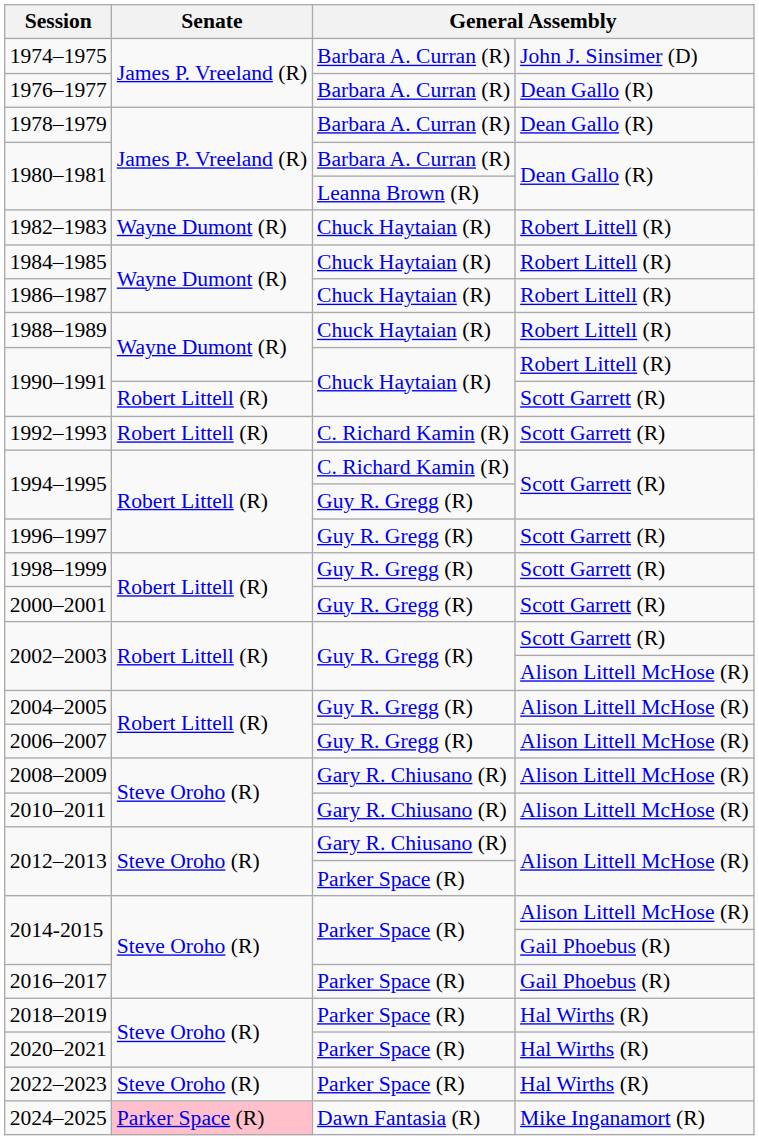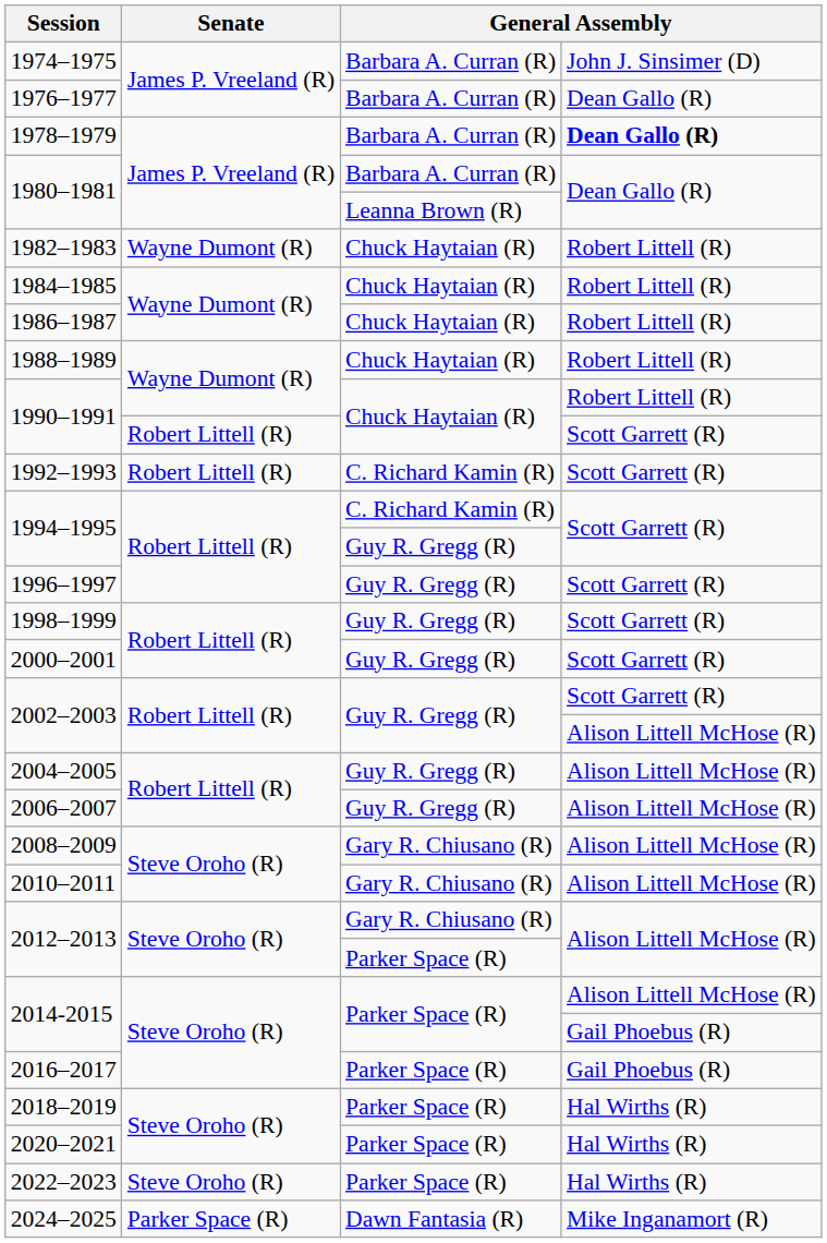 <table class="wikitable">
 <tr>
 <th>Session</th>
 <th>Senate</th>
 <th colspan=2>General Assembly</th>
 </tr>
 <tr>
 <td>1974–1975</td>
 <td rowspan=2 ><a href='#'>James P. Vreeland</a> (R)</td>
 <td><a href='#'>Barbara A. Curran</a> (R)</td>
 <td><a href='#'>John J. Sinsimer</a> (D)</td>
 </tr>
 <tr>
 <td>1976–1977</td>
 <td><a href='#'>Barbara A. Curran</a> (R)</td>
 <td><a href='#'>Dean Gallo</a> (R)</td>
 </tr>
 <tr>
 <td>1978–1979</td>
 <td rowspan=3 ><a href='#'>James P. Vreeland</a> (R)</td>
 <td><a href='#'>Barbara A. Curran</a> (R)</td>
-<td><a href='#'>Dean Gallo</a> (R)</td>
+<td><strong><a href='#'>Dean Gallo</a> (R)</strong></td>
 </tr>
 <tr>
 <td rowspan=2>1980–1981</td>
 <td><a href='#'>Barbara A. Curran</a> (R)</td>
 <td rowspan=2 ><a href='#'>Dean Gallo</a> (R)</td>
 </tr>
 <tr>
 <td><a href='#'>Leanna Brown</a> (R)</td>
 </tr>
 <tr>
 <td>1982–1983</td>
 <td><a href='#'>Wayne Dumont</a> (R)</td>
 <td><a href='#'>Chuck Haytaian</a> (R)</td>
 <td><a href='#'>Robert Littell</a> (R)</td>
 </tr>
 <tr>
 <td>1984–1985</td>
 <td rowspan=2 ><a href='#'>Wayne Dumont</a> (R)</td>
 <td><a href='#'>Chuck Haytaian</a> (R)</td>
 <td><a href='#'>Robert Littell</a> (R)</td>
 </tr>
 <tr>
 <td>1986–1987</td>
 <td><a href='#'>Chuck Haytaian</a> (R)</td>
 <td><a href='#'>Robert Littell</a> (R)</td>
 </tr>
 <tr>
 <td>1988–1989</td>
 <td rowspan=2 ><a href='#'>Wayne Dumont</a> (R)</td>
 <td><a href='#'>Chuck Haytaian</a> (R)</td>
 <td><a href='#'>Robert Littell</a> (R)</td>
 </tr>
 <tr>
 <td rowspan=2>1990–1991</td>
 <td rowspan=2 ><a href='#'>Chuck Haytaian</a> (R)</td>
 <td><a href='#'>Robert Littell</a> (R)</td>
 </tr>
 <tr>
 <td><a href='#'>Robert Littell</a> (R)</td>
 <td><a href='#'>Scott Garrett</a> (R)</td>
 </tr>
 <tr>
 <td>1992–1993</td>
 <td><a href='#'>Robert Littell</a> (R)</td>
 <td><a href='#'>C. Richard Kamin</a> (R)</td>
 <td><a href='#'>Scott Garrett</a> (R)</td>
 </tr>
 <tr>
 <td rowspan=2>1994–1995</td>
 <td rowspan=3 ><a href='#'>Robert Littell</a> (R)</td>
 <td><a href='#'>C. Richard Kamin</a> (R)</td>
 <td rowspan=2 ><a href='#'>Scott Garrett</a> (R)</td>
 </tr>
 <tr>
 <td><a href='#'>Guy R. Gregg</a> (R)</td>
 </tr>
 <tr>
 <td>1996–1997</td>
 <td><a href='#'>Guy R. Gregg</a> (R)</td>
 <td><a href='#'>Scott Garrett</a> (R)</td>
 </tr>
 <tr>
 <td>1998–1999</td>
 <td rowspan=2 ><a href='#'>Robert Littell</a> (R)</td>
 <td><a href='#'>Guy R. Gregg</a> (R)</td>
 <td><a href='#'>Scott Garrett</a> (R)</td>
 </tr>
 <tr>
 <td>2000–2001</td>
 <td><a href='#'>Guy R. Gregg</a> (R)</td>
 <td><a href='#'>Scott Garrett</a> (R)</td>
 </tr>
 <tr>
 <td rowspan=2>2002–2003</td>
 <td rowspan=2 ><a href='#'>Robert Littell</a> (R)</td>
 <td rowspan=2 ><a href='#'>Guy R. Gregg</a> (R)</td>
 <td><a href='#'>Scott Garrett</a> (R)</td>
 </tr>
 <tr>
 <td><a href='#'>Alison Littell McHose</a> (R)</td>
 </tr>
 <tr>
 <td>2004–2005</td>
 <td rowspan=2 ><a href='#'>Robert Littell</a> (R)</td>
 <td><a href='#'>Guy R. Gregg</a> (R)</td>
 <td><a href='#'>Alison Littell McHose</a> (R)</td>
 </tr>
 <tr>
 <td>2006–2007</td>
 <td><a href='#'>Guy R. Gregg</a> (R)</td>
 <td><a href='#'>Alison Littell McHose</a> (R)</td>
 </tr>
 <tr>
 <td>2008–2009</td>
 <td rowspan=2 ><a href='#'>Steve Oroho</a> (R)</td>
 <td><a href='#'>Gary R. Chiusano</a> (R)</td>
 <td><a href='#'>Alison Littell McHose</a> (R)</td>
 </tr>
 <tr>
 <td>2010–2011</td>
 <td><a href='#'>Gary R. Chiusano</a> (R)</td>
 <td><a href='#'>Alison Littell McHose</a> (R)</td>
 </tr>
 <tr>
 <td rowspan=2>2012–2013</td>
 <td rowspan=2 ><a href='#'>Steve Oroho</a> (R)</td>
 <td><a href='#'>Gary R. Chiusano</a> (R)</td>
 <td rowspan=2 ><a href='#'>Alison Littell McHose</a> (R)</td>
 </tr>
 <tr>
 <td><a href='#'>Parker Space</a> (R)</td>
 </tr>
 <tr>
 <td rowspan=2>2014-2015</td>
 <td rowspan=3 ><a href='#'>Steve Oroho</a> (R)</td>
 <td rowspan=2 ><a href='#'>Parker Space</a> (R)</td>
 <td><a href='#'>Alison Littell McHose</a> (R)</td>
 </tr>
 <tr>
 <td><a href='#'>Gail Phoebus</a> (R)</td>
 </tr>
 <tr>
 <td>2016–2017</td>
 <td><a href='#'>Parker Space</a> (R)</td>
 <td><a href='#'>Gail Phoebus</a> (R)</td>
 </tr>
 <tr>
 <td>2018–2019</td>
 <td rowspan=2 ><a href='#'>Steve Oroho</a> (R)</td>
 <td><a href='#'>Parker Space</a> (R)</td>
 <td><a href='#'>Hal Wirths</a> (R)</td>
 </tr>
 <tr>
 <td>2020–2021</td>
 <td><a href='#'>Parker Space</a> (R)</td>
 <td><a href='#'>Hal Wirths</a> (R)</td>
 </tr>
 <tr>
 <td>2022–2023</td>
 <td><a href='#'>Steve Oroho</a> (R)</td>
 <td><a href='#'>Parker Space</a> (R)</td>
 <td><a href='#'>Hal Wirths</a> (R)</td>
 </tr>
 <tr>
 <td>2024–2025</td>
-<td style="background: pink;"><a href='#'>Parker Space</a> (R)</td>
+<td><a href='#'>Parker Space</a> (R)</td>
 <td><a href='#'>Dawn Fantasia</a> (R)</td>
 <td><a href='#'>Mike Inganamort</a> (R)</td>
 </tr>
 </table>
